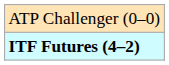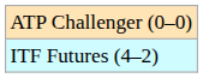 <table class=wikitable style=font-size:97%>
 <tr bgcolor=moccasin>
 <td>ATP Challenger (0–0)</td>
 </tr>
 <tr bgcolor=cffcff>
-<td><strong>ITF Futures (4–2)</strong></td>
+<td>ITF Futures (4–2)</td>
 </tr>
 </table>
